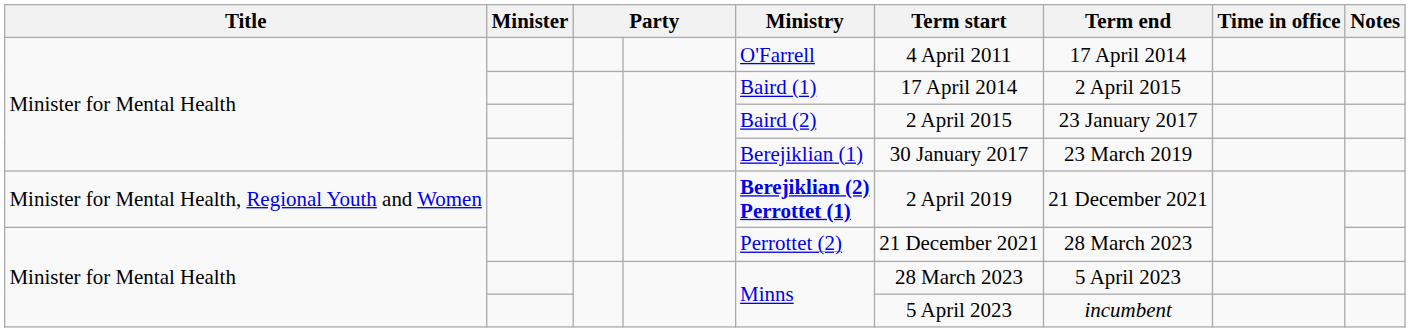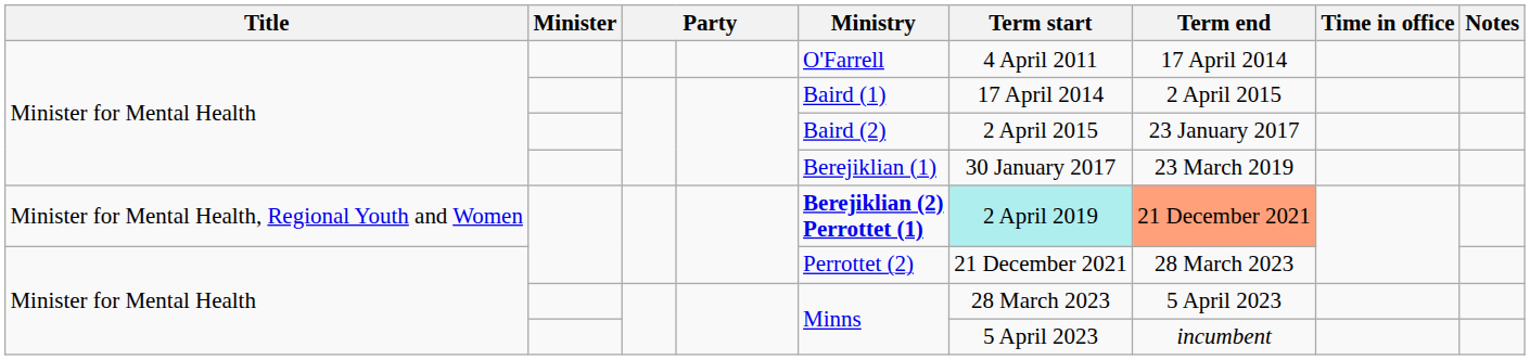 <table class="wikitable sortable">
 <tr>
 <th>Title</th>
 <th>Minister</th>
 <th colspan=2>Party</th>
 <th>Ministry</th>
 <th>Term start</th>
 <th>Term end</th>
 <th>Time in office</th>
 <th class="unsortable">Notes</th>
 </tr>
 <tr>
 <td rowspan=4>Minister for Mental Health</td>
 <td></td>
 <td> </td>
 <td width=8%></td>
 <td><a href='#'>O'Farrell</a></td>
 <td align=center>4 April 2011</td>
 <td align=center>17 April 2014</td>
 <td align=right></td>
 <td></td>
 </tr>
 <tr>
 <td></td>
 <td rowspan=3 > </td>
 <td rowspan=3></td>
 <td><a href='#'>Baird (1)</a></td>
 <td align=center>17 April 2014</td>
 <td align=center>2 April 2015</td>
 <td align=right></td>
 <td></td>
 </tr>
 <tr>
 <td></td>
 <td><a href='#'>Baird (2)</a></td>
 <td align=center>2 April 2015</td>
 <td align=center>23 January 2017</td>
 <td align=right></td>
 <td></td>
 </tr>
 <tr>
 <td></td>
 <td><a href='#'>Berejiklian (1)</a></td>
 <td align=center>30 January 2017</td>
 <td align=center>23 March 2019</td>
 <td align=right></td>
 <td></td>
 </tr>
 <tr>
 <td>Minister for Mental Health, <a href='#'>Regional Youth</a> and <a href='#'>Women</a></td>
 <td rowspan=2></td>
 <td rowspan=2 > </td>
 <td rowspan=2></td>
 <td><strong><a href='#'>Berejiklian (2)</a><br><a href='#'>Perrottet (1)</a></strong></td>
-<td align=center>2 April 2019</td>
-<td align=center>21 December 2021</td>
+<td align=center style="background: paleturquoise;">2 April 2019</td>
+<td align=center style="background: lightsalmon;">21 December 2021</td>
 <td rowspan=2 align=right><strong></strong></td>
 <td></td>
 </tr>
 <tr>
 <td rowspan=3>Minister for Mental Health</td>
 <td><a href='#'>Perrottet (2)</a></td>
 <td align=center>21 December 2021</td>
 <td align=center>28 March 2023</td>
 <td></td>
 </tr>
 <tr>
 <td></td>
 <td rowspan=2 > </td>
 <td rowspan=2></td>
 <td rowspan=2><a href='#'>Minns</a></td>
 <td align=center>28 March 2023</td>
 <td align=center>5 April 2023</td>
 <td align=right></td>
 <td></td>
 </tr>
 <tr>
 <td></td>
 <td align=center>5 April 2023</td>
 <td align=center><em>incumbent</em></td>
 <td align=right></td>
 <td></td>
 </tr>
 </table>
